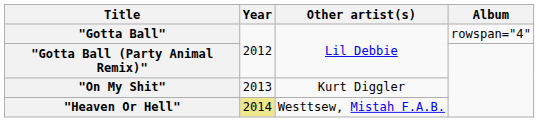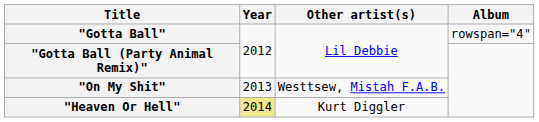 <table class="wikitable plainrowheaders" style="text-align:center;">
 <tr>
 <th scope="col" style="width:19em;">Title</th>
 <th scope="col">Year</th>
 <th scope="col">Other artist(s)</th>
 <th scope="col">Album</th>
 </tr>
 <tr>
 <th scope="row">"Gotta Ball"</th>
 <td rowspan="2">2012</td>
 <td rowspan="2"><a href='#'>Lil Debbie</a></td>
 <td>rowspan="4" </td>
 </tr>
 <tr>
 <th scope="row">"Gotta Ball (Party Animal Remix)"</th>
 </tr>
 <tr ! scope="row"¦ "Hate u" (The Breakup)>
 <th scope="row">"On My Shit"</th>
 <td>2013</td>
-<td>Kurt Diggler</td>
+<td>Westtsew, <a href='#'>Mistah F.A.B.</a></td>
 </tr>
 <tr>
 <th scope="row">"Heaven Or Hell"</th>
 <td style="background: khaki;">2014</td>
-<td>Westtsew, <a href='#'>Mistah F.A.B.</a></td>
+<td>Kurt Diggler</td>
 </tr>
 </table>
